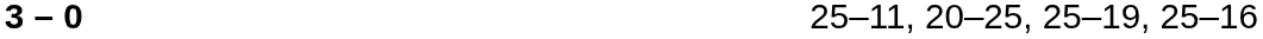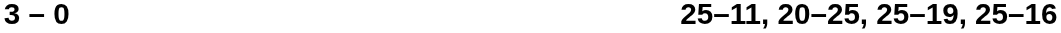 <table width=100% cellspacing=1>
 <tr>
 <th width=20%></th>
 <th width=12%></th>
 <th width=20%></th>
 <th width=33%></th>
 <td></td>
 </tr>
 <tr style=font-size:95%>
 <td align=right><strong></strong></td>
 <td align=center><strong>3 – 0</strong></td>
 <td></td>
-<td>25–11, 20–25, 25–19, 25–16</td>
+<td><strong>25–11, 20–25, 25–19, 25–16</strong></td>
 </tr>
 </table>
